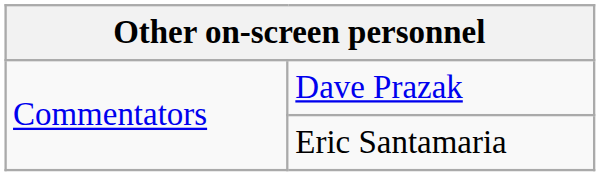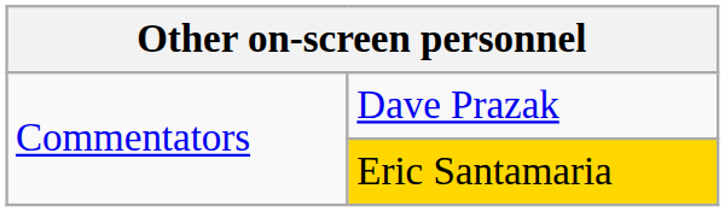 <table align="right" class="wikitable" style="border:1px; font-size:90%; margin-left:1em;">
 <tr>
 <th colspan="2" width="250"><strong>Other on-screen personnel</strong></th>
 </tr>
 <tr>
 <td rowspan=2><a href='#'>Commentators</a></td>
 <td><a href='#'>Dave Prazak</a></td>
 </tr>
 <tr>
-<td>Eric Santamaria</td>
+<td style="background: gold;">Eric Santamaria</td>
 </tr>
 </table>
